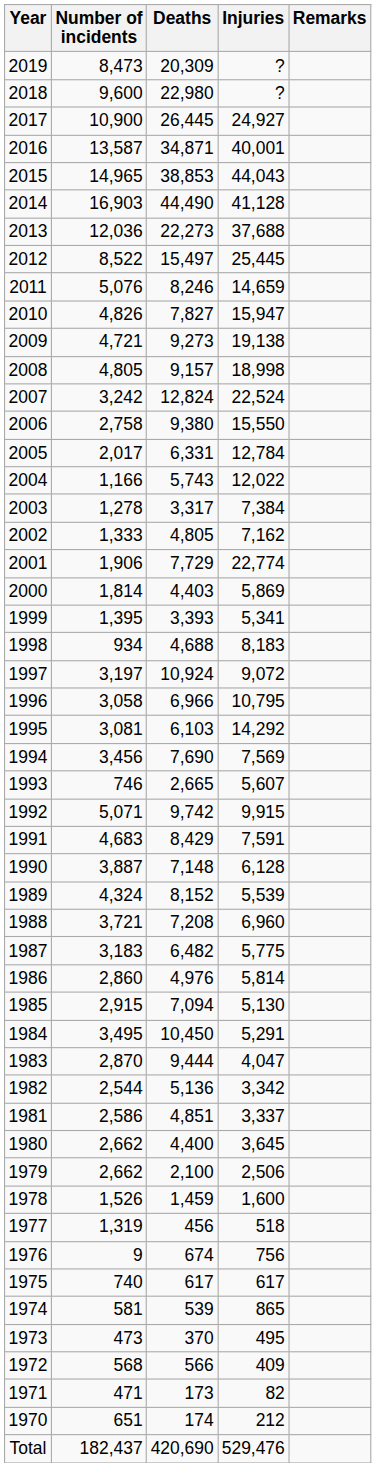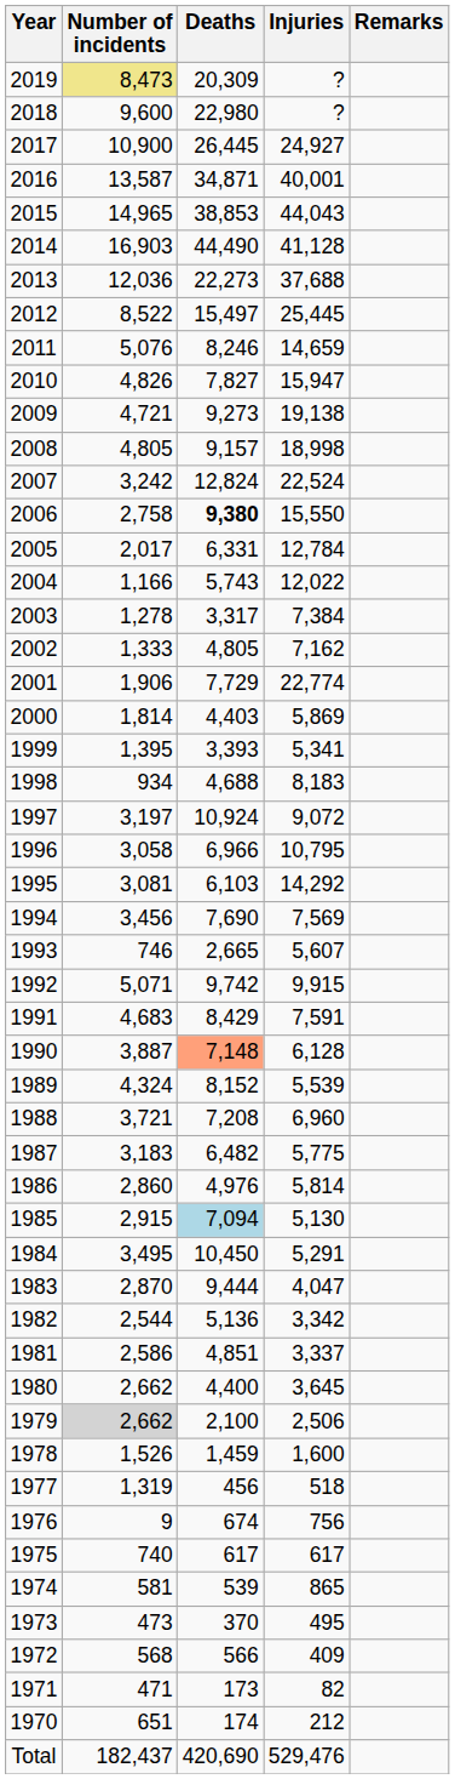 <table class="wikitable sortable"  style="text-align:right;">
 <tr style="background:#ececec; vertical-align:top;">
 <th>Year</th>
 <th>Number of<br>incidents</th>
 <th>Deaths</th>
 <th>Injuries</th>
 <th>Remarks</th>
 </tr>
 <tr>
 <td align=center>2019</td>
-<td>8,473</td>
+<td style="background: khaki;">8,473</td>
 <td>20,309</td>
 <td>?</td>
 <td></td>
 </tr>
 <tr>
 <td align=center>2018</td>
 <td>9,600</td>
 <td>22,980</td>
 <td>?</td>
 <td></td>
 </tr>
 <tr>
 <td align=center>2017</td>
 <td>10,900</td>
 <td>26,445</td>
 <td>24,927</td>
 <td></td>
 </tr>
 <tr>
 <td align=center>2016</td>
 <td>13,587</td>
 <td>34,871</td>
 <td>40,001</td>
 <td></td>
 </tr>
 <tr>
 <td align=center>2015</td>
 <td>14,965</td>
 <td>38,853</td>
 <td>44,043</td>
 <td></td>
 </tr>
 <tr>
 <td align=center>2014</td>
 <td>16,903</td>
 <td>44,490</td>
 <td>41,128</td>
 <td></td>
 </tr>
 <tr>
 <td align=center>2013</td>
 <td>12,036</td>
 <td>22,273</td>
 <td>37,688</td>
 <td></td>
 </tr>
 <tr>
 <td align=center>2012</td>
 <td>8,522</td>
 <td>15,497</td>
 <td>25,445</td>
 <td></td>
 </tr>
 <tr>
 <td align=center>2011</td>
 <td>5,076</td>
 <td>8,246</td>
 <td>14,659</td>
 <td></td>
 </tr>
 <tr>
 <td align=center>2010</td>
 <td>4,826</td>
 <td>7,827</td>
 <td>15,947</td>
 <td></td>
 </tr>
 <tr>
 <td align=center>2009</td>
 <td>4,721</td>
 <td>9,273</td>
 <td>19,138</td>
 <td></td>
 </tr>
 <tr>
 <td align=center>2008</td>
 <td>4,805</td>
 <td>9,157</td>
 <td>18,998</td>
 <td></td>
 </tr>
 <tr>
 <td align=center>2007</td>
 <td>3,242</td>
 <td>12,824</td>
 <td>22,524</td>
 <td></td>
 </tr>
 <tr>
 <td align=center>2006</td>
 <td>2,758</td>
-<td>9,380</td>
+<td><strong>9,380</strong></td>
 <td>15,550</td>
 <td></td>
 </tr>
 <tr>
 <td align=center>2005</td>
 <td>2,017</td>
 <td>6,331</td>
 <td>12,784</td>
 <td></td>
 </tr>
 <tr>
 <td align=center>2004</td>
 <td>1,166</td>
 <td>5,743</td>
 <td>12,022</td>
 <td></td>
 </tr>
 <tr>
 <td align=center>2003</td>
 <td>1,278</td>
 <td>3,317</td>
 <td>7,384</td>
 <td></td>
 </tr>
 <tr>
 <td align=center>2002</td>
 <td>1,333</td>
 <td>4,805</td>
 <td>7,162</td>
 <td></td>
 </tr>
 <tr>
 <td align=center>2001</td>
 <td>1,906</td>
 <td>7,729</td>
 <td>22,774</td>
 <td></td>
 </tr>
 <tr>
 <td align=center>2000</td>
 <td>1,814</td>
 <td>4,403</td>
 <td>5,869</td>
 <td></td>
 </tr>
 <tr>
 <td align=center>1999</td>
 <td>1,395</td>
 <td>3,393</td>
 <td>5,341</td>
 <td></td>
 </tr>
 <tr>
 <td align=center>1998</td>
 <td>934</td>
 <td>4,688</td>
 <td>8,183</td>
 <td></td>
 </tr>
 <tr>
 <td align=center>1997</td>
 <td>3,197</td>
 <td>10,924</td>
 <td>9,072</td>
 <td></td>
 </tr>
 <tr>
 <td align=center>1996</td>
 <td>3,058</td>
 <td>6,966</td>
 <td>10,795</td>
 <td></td>
 </tr>
 <tr>
 <td align=center>1995</td>
 <td>3,081</td>
 <td>6,103</td>
 <td>14,292</td>
 <td></td>
 </tr>
 <tr>
 <td align=center>1994</td>
 <td>3,456</td>
 <td>7,690</td>
 <td>7,569</td>
 <td></td>
 </tr>
 <tr>
 <td align=center>1993</td>
 <td>746</td>
 <td>2,665</td>
 <td>5,607</td>
 <td></td>
 </tr>
 <tr>
 <td align=center>1992</td>
 <td>5,071</td>
 <td>9,742</td>
 <td>9,915</td>
 <td></td>
 </tr>
 <tr>
 <td align=center>1991</td>
 <td>4,683</td>
 <td>8,429</td>
 <td>7,591</td>
 <td></td>
 </tr>
 <tr>
 <td align=center>1990</td>
 <td>3,887</td>
-<td>7,148</td>
+<td style="background: lightsalmon;">7,148</td>
 <td>6,128</td>
 <td></td>
 </tr>
 <tr>
 <td align=center>1989</td>
 <td>4,324</td>
 <td>8,152</td>
 <td>5,539</td>
 <td></td>
 </tr>
 <tr>
 <td align=center>1988</td>
 <td>3,721</td>
 <td>7,208</td>
 <td>6,960</td>
 <td></td>
 </tr>
 <tr>
 <td align=center>1987</td>
 <td>3,183</td>
 <td>6,482</td>
 <td>5,775</td>
 <td></td>
 </tr>
 <tr>
 <td align=center>1986</td>
 <td>2,860</td>
 <td>4,976</td>
 <td>5,814</td>
 <td></td>
 </tr>
 <tr>
 <td align=center>1985</td>
 <td>2,915</td>
-<td>7,094</td>
+<td style="background: lightblue;">7,094</td>
 <td>5,130</td>
 <td></td>
 </tr>
 <tr>
 <td align=center>1984</td>
 <td>3,495</td>
 <td>10,450</td>
 <td>5,291</td>
 <td></td>
 </tr>
 <tr>
 <td align=center>1983</td>
 <td>2,870</td>
 <td>9,444</td>
 <td>4,047</td>
 <td></td>
 </tr>
 <tr>
 <td align=center>1982</td>
 <td>2,544</td>
 <td>5,136</td>
 <td>3,342</td>
 <td></td>
 </tr>
 <tr>
 <td align=center>1981</td>
 <td>2,586</td>
 <td>4,851</td>
 <td>3,337</td>
 <td></td>
 </tr>
 <tr>
 <td align=center>1980</td>
 <td>2,662</td>
 <td>4,400</td>
 <td>3,645</td>
 <td></td>
 </tr>
 <tr>
 <td align=center>1979</td>
-<td>2,662</td>
+<td style="background: lightgrey;">2,662</td>
 <td>2,100</td>
 <td>2,506</td>
 <td></td>
 </tr>
 <tr>
 <td align=center>1978</td>
 <td>1,526</td>
 <td>1,459</td>
 <td>1,600</td>
 <td></td>
 </tr>
 <tr>
 <td align=center>1977</td>
 <td>1,319</td>
 <td>456</td>
 <td>518</td>
 <td></td>
 </tr>
 <tr>
 <td align=center>1976</td>
 <td>9</td>
 <td>674</td>
 <td>756</td>
 <td></td>
 </tr>
 <tr>
 <td align=center>1975</td>
 <td>740</td>
 <td>617</td>
 <td>617</td>
 <td></td>
 </tr>
 <tr>
 <td align=center>1974</td>
 <td>581</td>
 <td>539</td>
 <td>865</td>
 <td></td>
 </tr>
 <tr>
 <td align=center>1973</td>
 <td>473</td>
 <td>370</td>
 <td>495</td>
 <td></td>
 </tr>
 <tr>
 <td align=center>1972</td>
 <td>568</td>
 <td>566</td>
 <td>409</td>
 <td></td>
 </tr>
 <tr>
 <td align=center>1971</td>
 <td>471</td>
 <td>173</td>
 <td>82</td>
 <td></td>
 </tr>
 <tr>
 <td align=center>1970</td>
 <td>651</td>
 <td>174</td>
 <td>212</td>
 <td></td>
 </tr>
 <tr>
 <td align=center>Total</td>
 <td>182,437</td>
 <td>420,690</td>
 <td>529,476</td>
 <td></td>
 </tr>
 </table>
